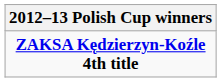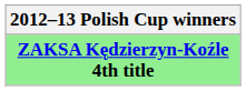 <table class=wikitable style="text-align:center; margin:auto">
 <tr>
 <th>2012–13 Polish Cup winners</th>
 </tr>
 <tr>
-<td><strong><a href='#'>ZAKSA Kędzierzyn-Koźle</a></strong><br><strong>4th title</strong></td>
+<td style="background: lightgreen;"><strong><a href='#'>ZAKSA Kędzierzyn-Koźle</a></strong><br><strong>4th title</strong></td>
 </tr>
 </table>
